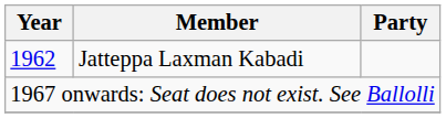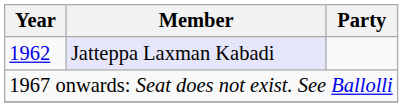 <table class="wikitable sortable">
 <tr>
 <th>Year</th>
 <th>Member</th>
 <th colspan="2">Party</th>
 </tr>
 <tr>
 <td><a href='#'>1962</a></td>
-<td>Jatteppa Laxman Kabadi</td>
+<td style="background: lavender;">Jatteppa Laxman Kabadi</td>
 <td></td>
 </tr>
 <tr>
 <td colspan=4 align=center>1967 onwards: <em>Seat does not exist. See <a href='#'>Ballolli</a></em></td>
 </tr>
 <tr>
 </tr>
 </table>
